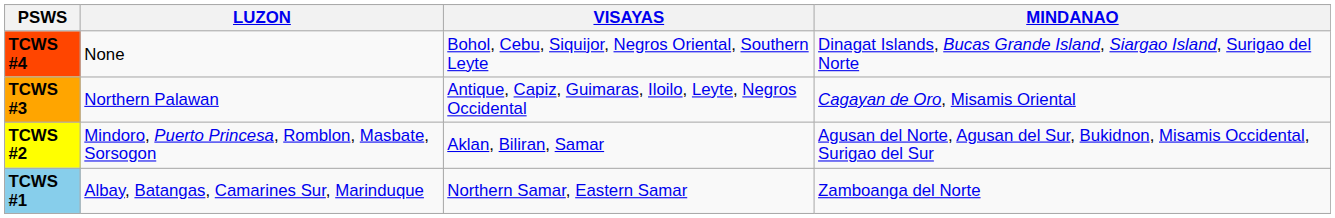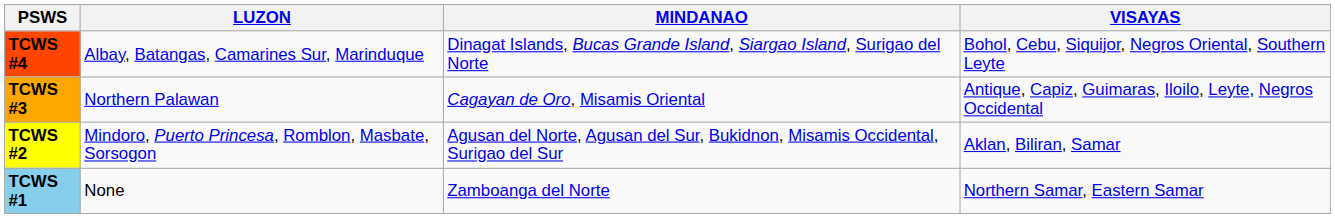 <table class="wikitable" style="margin:1em auto 1em auto;">
 <tr>
 <th>PSWS</th>
 <th><a href='#'>LUZON</a></th>
+<th><a href='#'>MINDANAO</a></th>
 <th><a href='#'>VISAYAS</a></th>
-<th><a href='#'>MINDANAO</a></th>
 </tr>
 <tr>
 <td style="background-color:orangered;"><strong>TCWS #4</strong></td>
-<td>None</td>
+<td><a href='#'>Albay</a>, <a href='#'>Batangas</a>, <a href='#'>Camarines Sur</a>, <a href='#'>Marinduque</a></td>
+<td><a href='#'>Dinagat Islands</a>, <em><a href='#'>Bucas Grande Island</a></em>, <em><a href='#'>Siargao Island</a></em>, <a href='#'>Surigao del Norte</a></td>
 <td><a href='#'>Bohol</a>, <a href='#'>Cebu</a>, <a href='#'>Siquijor</a>, <a href='#'>Negros Oriental</a>, <a href='#'>Southern Leyte</a></td>
-<td><a href='#'>Dinagat Islands</a>, <em><a href='#'>Bucas Grande Island</a></em>, <em><a href='#'>Siargao Island</a></em>, <a href='#'>Surigao del Norte</a></td>
 </tr>
 <tr>
 <td style="background-color:orange;"><strong>TCWS #3</strong></td>
 <td><a href='#'>Northern Palawan</a></td>
+<td><em><a href='#'>Cagayan de Oro</a></em>, <a href='#'>Misamis Oriental</a></td>
 <td><a href='#'>Antique</a>, <a href='#'>Capiz</a>, <a href='#'>Guimaras</a>, <a href='#'>Iloilo</a>, <a href='#'>Leyte</a>, <a href='#'>Negros Occidental</a></td>
-<td><em><a href='#'>Cagayan de Oro</a></em>, <a href='#'>Misamis Oriental</a></td>
 </tr>
 <tr>
 <td style="background-color:yellow;"><strong>TCWS #2</strong></td>
 <td><a href='#'>Mindoro</a>, <em><a href='#'>Puerto Princesa</a></em>, <a href='#'>Romblon</a>, <a href='#'>Masbate</a>, <a href='#'>Sorsogon</a></td>
+<td><a href='#'>Agusan del Norte</a>, <a href='#'>Agusan del Sur</a>, <a href='#'>Bukidnon</a>, <a href='#'>Misamis Occidental</a>, <a href='#'>Surigao del Sur</a></td>
 <td><a href='#'>Aklan</a>, <a href='#'>Biliran</a>, <a href='#'>Samar</a></td>
-<td><a href='#'>Agusan del Norte</a>, <a href='#'>Agusan del Sur</a>, <a href='#'>Bukidnon</a>, <a href='#'>Misamis Occidental</a>, <a href='#'>Surigao del Sur</a></td>
 </tr>
 <tr>
 <td style="background-color:skyblue;"><strong>TCWS #1</strong></td>
-<td><a href='#'>Albay</a>, <a href='#'>Batangas</a>, <a href='#'>Camarines Sur</a>, <a href='#'>Marinduque</a></td>
+<td>None</td>
+<td><a href='#'>Zamboanga del Norte</a></td>
 <td><a href='#'>Northern Samar</a>, <a href='#'>Eastern Samar</a></td>
-<td><a href='#'>Zamboanga del Norte</a></td>
 </tr>
 </table>
